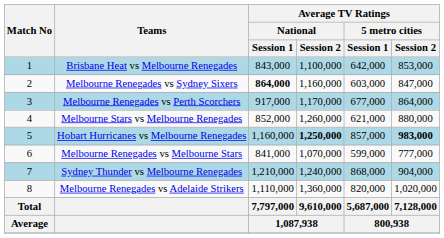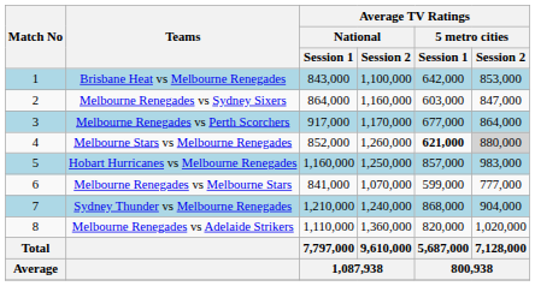 <table class="wikitable sortable" style="text-align: center; font-size:90%;">
 <tr>
 <th rowspan=3>Match No</th>
 <th rowspan=3>Teams</th>
 <th colspan=4>Average TV Ratings</th>
 </tr>
 <tr>
 <th colspan=2>National</th>
 <th colspan=2>5 metro cities</th>
 </tr>
 <tr>
 <th style="width: auto;">Session 1</th>
 <th style="width: auto;">Session 2</th>
 <th style="width: auto;">Session 1</th>
 <th style="width: auto;">Session 2</th>
 </tr>
 <tr style="background:lightblue;">
 <td>1</td>
 <td><a href='#'>Brisbane Heat</a> vs <a href='#'>Melbourne Renegades</a></td>
 <td>843,000</td>
 <td>1,100,000</td>
 <td>642,000</td>
 <td>853,000</td>
 </tr>
 <tr>
 <td>2</td>
 <td><a href='#'>Melbourne Renegades</a> vs <a href='#'>Sydney Sixers</a></td>
-<td><strong>864,000</strong></td>
+<td>864,000</td>
 <td>1,160,000</td>
 <td>603,000</td>
 <td>847,000</td>
 </tr>
 <tr style="background:lightblue;">
 <td>3</td>
 <td><a href='#'>Melbourne Renegades</a> vs <a href='#'>Perth Scorchers</a></td>
 <td>917,000</td>
 <td>1,170,000</td>
 <td>677,000</td>
 <td>864,000</td>
 </tr>
 <tr>
 <td>4</td>
 <td><a href='#'>Melbourne Stars</a> vs <a href='#'>Melbourne Renegades</a></td>
 <td>852,000</td>
 <td>1,260,000</td>
-<td>621,000</td>
-<td>880,000</td>
+<td><strong>621,000</strong></td>
+<td style="background: lightgrey;">880,000</td>
 </tr>
 <tr style="background:lightblue;">
 <td>5</td>
 <td><a href='#'>Hobart Hurricanes</a> vs <a href='#'>Melbourne Renegades</a></td>
 <td>1,160,000</td>
-<td><strong>1,250,000</strong></td>
+<td>1,250,000</td>
 <td>857,000</td>
-<td><strong>983,000</strong></td>
+<td>983,000</td>
 </tr>
 <tr>
 <td>6</td>
 <td><a href='#'>Melbourne Renegades</a> vs <a href='#'>Melbourne Stars</a></td>
 <td>841,000</td>
 <td>1,070,000</td>
 <td>599,000</td>
 <td>777,000</td>
 </tr>
 <tr style="background:lightblue;">
 <td>7</td>
 <td><a href='#'>Sydney Thunder</a> vs <a href='#'>Melbourne Renegades</a></td>
 <td>1,210,000</td>
 <td>1,240,000</td>
 <td>868,000</td>
 <td>904,000</td>
 </tr>
 <tr>
 <td>8</td>
 <td><a href='#'>Melbourne Renegades</a> vs <a href='#'>Adelaide Strikers</a></td>
 <td>1,110,000</td>
 <td>1,360,000</td>
 <td>820,000</td>
 <td>1,020,000</td>
 </tr>
 <tr>
 <th>Total</th>
 <th></th>
 <th>7,797,000</th>
 <th>9,610,000</th>
 <th>5,687,000</th>
 <th>7,128,000</th>
 </tr>
 <tr>
 <th>Average</th>
 <th></th>
 <th colspan="2">1,087,938</th>
 <th colspan="2">800,938</th>
 </tr>
 <tr style="background:lightblue;">
 </tr>
 </table>
